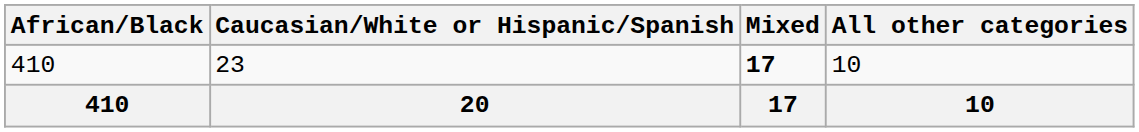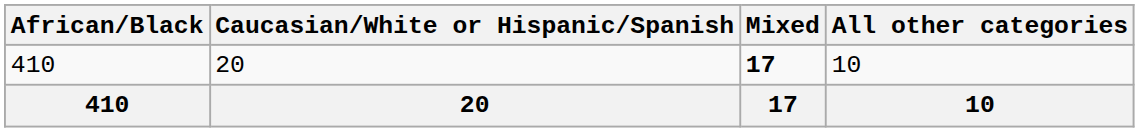 <table class="wikitable">
 <tr>
 <th>African/Black</th>
 <th>Caucasian/White or Hispanic/Spanish</th>
 <th>Mixed</th>
 <th>All other categories</th>
 </tr>
 <tr>
 <td>410</td>
-<td>23</td>
+<td>20</td>
 <td><strong>17</strong></td>
 <td>10</td>
 </tr>
 <tr>
 <th>410</th>
 <th>20</th>
 <th>17</th>
 <th>10</th>
 </tr>
 </table>
